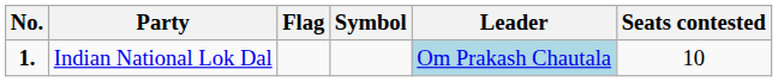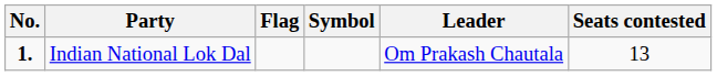 <table class="wikitable">
 <tr>
 <th>No.</th>
 <th>Party</th>
 <th>Flag</th>
 <th>Symbol</th>
 <th>Leader</th>
 <th>Seats contested</th>
 </tr>
 <tr>
 <td ! style="text-align:center; background:"><strong>1.</strong></td>
 <td style="text-align:center"><a href='#'>Indian National Lok Dal</a></td>
 <td></td>
 <td></td>
-<td style="background: lightblue; text-align:center"><a href='#'>Om Prakash Chautala</a></td>
-<td style="text-align:center">10</td>
+<td style="text-align:center"><a href='#'>Om Prakash Chautala</a></td>
+<td style="text-align:center">13</td>
 </tr>
 </table>
